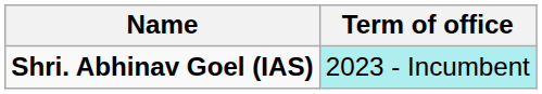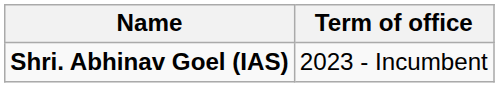 <table class="wikitable">
 <tr>
 <th>Name</th>
 <th>Term of office</th>
 </tr>
 <tr>
 <td><strong>Shri. Abhinav Goel (IAS)</strong></td>
-<td style="background: paleturquoise;">2023 - Incumbent</td>
+<td>2023 - Incumbent</td>
 </tr>
 </table>
